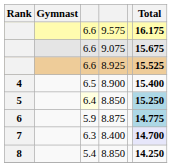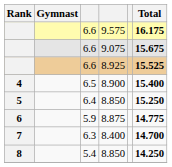 <table class="wikitable sortable" style="text-align:center; font-size:95%">
 <tr>
 <th scope=col>Rank</th>
 <th scope=col>Gymnast</th>
 <th scope=col></th>
 <th scope=col></th>
 <th scope=col></th>
 <th scope=col>Total</th>
 </tr>
 <tr bgcolor=fffcaf>
 <th scope=row style="text-align:center"></th>
 <td align=left></td>
 <td>6.6</td>
 <td>9.575</td>
 <td></td>
 <td><strong>16.175</strong></td>
 </tr>
 <tr bgcolor=e5e5e5>
 <th scope=row style="text-align:center"></th>
 <td align=left></td>
 <td>6.6</td>
 <td>9.075</td>
 <td></td>
 <td><strong>15.675</strong></td>
 </tr>
 <tr bgcolor=eecc99>
 <th scope=row style="text-align:center"></th>
 <td align=left></td>
 <td>6.6</td>
 <td>8.925</td>
 <td></td>
 <td><strong>15.525</strong></td>
 </tr>
 <tr>
 <th scope=row style="text-align:center">4</th>
 <td align=left></td>
 <td>6.5</td>
 <td>8.900</td>
 <td></td>
 <td><strong>15.400</strong></td>
 </tr>
 <tr>
 <th scope=row style="text-align:center">5</th>
 <td align=left></td>
-<td style="background: lightyellow;">6.4</td>
+<td>6.4</td>
 <td>8.850</td>
 <td></td>
-<td style="background: lightblue;"><strong>15.250</strong></td>
+<td><strong>15.250</strong></td>
 </tr>
 <tr>
 <th scope=row style="text-align:center">6</th>
 <td align=left></td>
 <td>5.9</td>
 <td>8.875</td>
 <td></td>
-<td style="background: lightblue;"><strong>14.775</strong></td>
+<td><strong>14.775</strong></td>
 </tr>
 <tr>
 <th scope=row style="text-align:center">7</th>
 <td align=left></td>
 <td>6.3</td>
 <td>8.400</td>
 <td></td>
-<td style="background: lavender;"><strong>14.700</strong></td>
+<td><strong>14.700</strong></td>
 </tr>
 <tr>
 <th scope=row style="text-align:center">8</th>
 <td align=left></td>
 <td>5.4</td>
 <td>8.850</td>
 <td></td>
 <td><strong>14.250</strong></td>
 </tr>
 <tr>
 </tr>
 </table>
